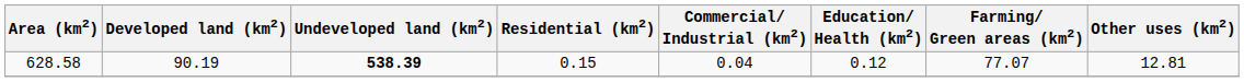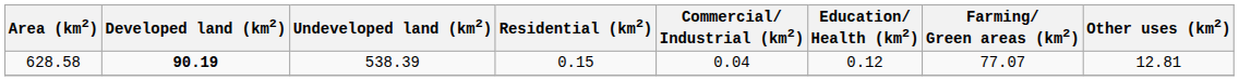 <table class="wikitable" style="text-align: center;">
 <tr>
 <th>Area (km<sup>2</sup>)</th>
 <th>Developed land (km<sup>2</sup>)</th>
 <th>Undeveloped land (km<sup>2</sup>)</th>
 <th>Residential (km<sup>2</sup>)</th>
 <th>Commercial/<br> Industrial (km<sup>2</sup>)</th>
 <th>Education/<br> Health (km<sup>2</sup>)</th>
 <th>Farming/<br> Green areas (km<sup>2</sup>)</th>
 <th>Other uses (km<sup>2</sup>)</th>
 </tr>
 <tr>
 <td>628.58</td>
-<td>90.19</td>
-<td><strong>538.39</strong></td>
+<td><strong>90.19</strong></td>
+<td>538.39</td>
 <td>0.15</td>
 <td>0.04</td>
 <td>0.12</td>
 <td>77.07</td>
 <td>12.81</td>
 </tr>
 <tr>
 </tr>
 </table>
